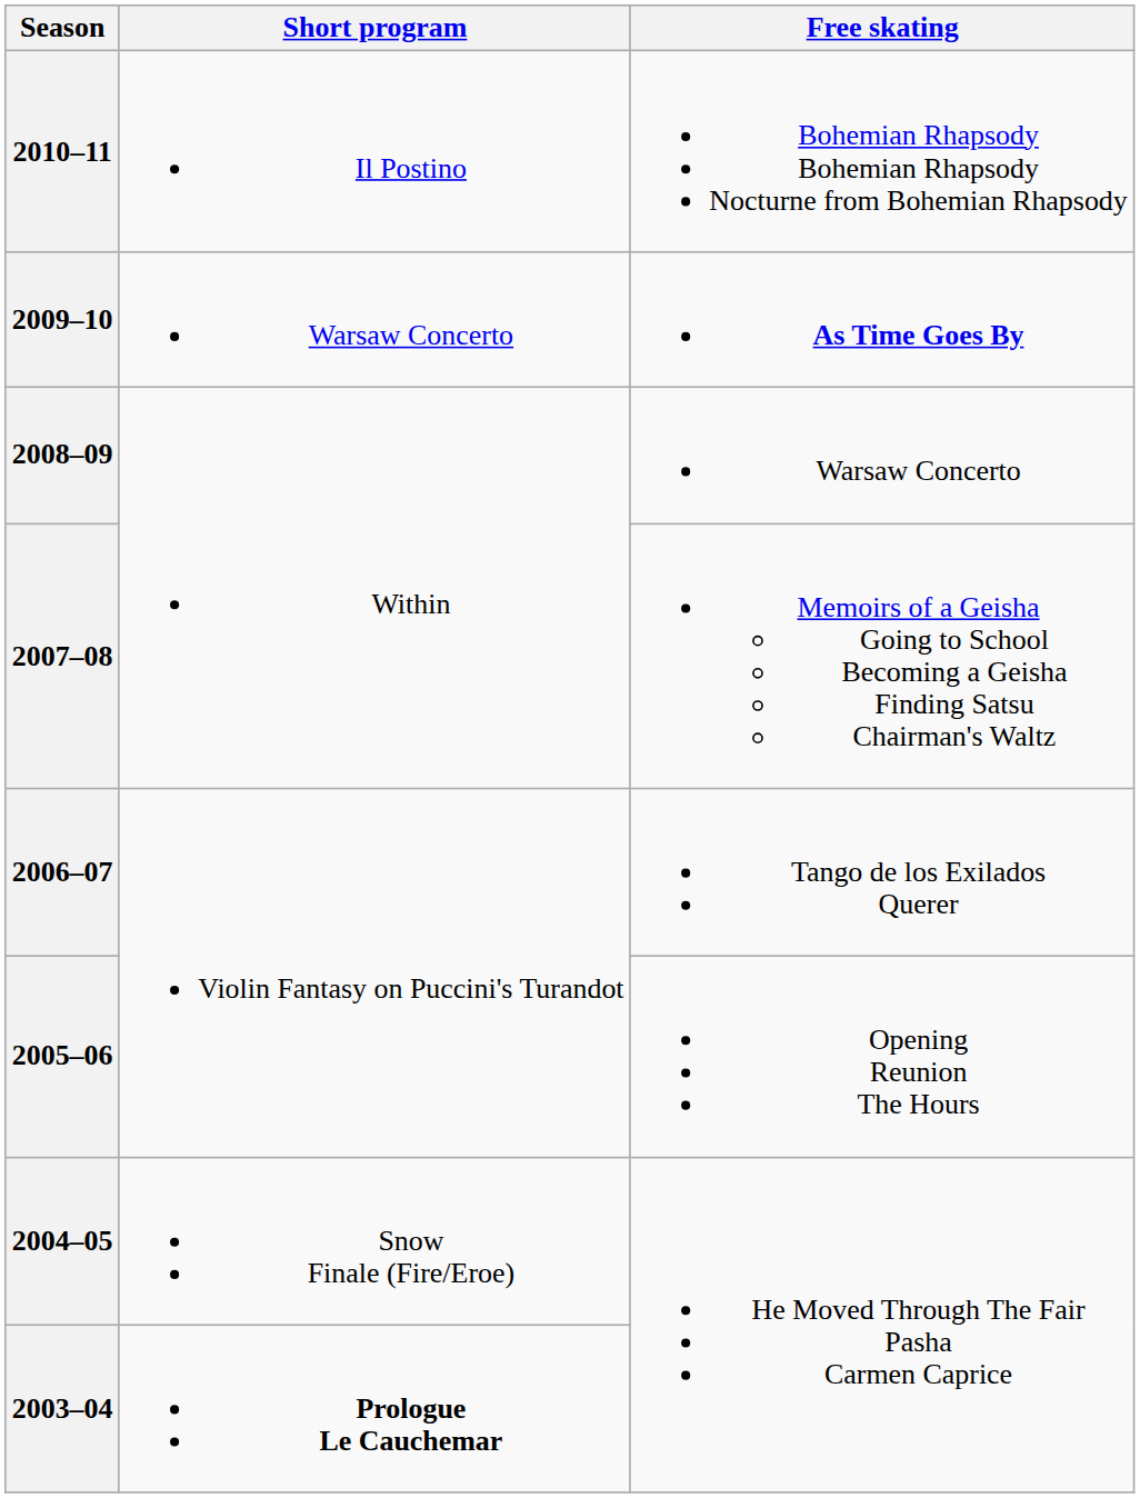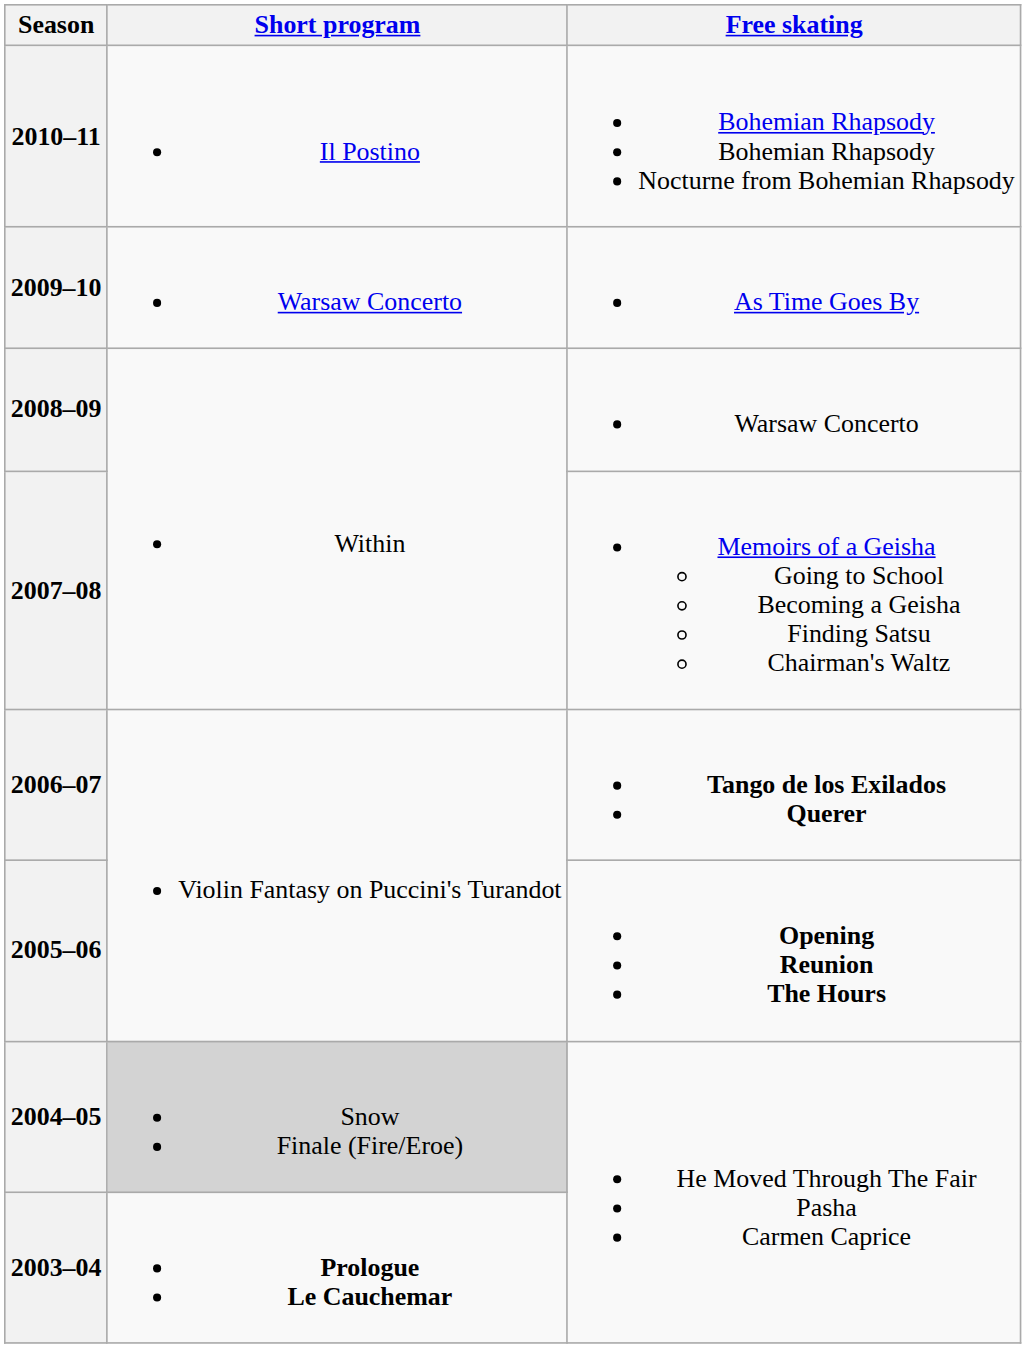 <table class="wikitable" style="text-align:center">
 <tr>
 <th>Season</th>
 <th><a href='#'>Short program</a></th>
 <th><a href='#'>Free skating</a></th>
 </tr>
 <tr>
 <th>2010–11 <br></th>
 <td><br><ul><li><a href='#'>Il Postino</a> <br></li></ul></td>
 <td><br><ul><li><a href='#'>Bohemian Rhapsody</a> <br></li><li>Bohemian Rhapsody <br></li><li>Nocturne from Bohemian Rhapsody</li></ul></td>
 </tr>
 <tr>
 <th>2009–10 <br></th>
 <td><br><ul><li><a href='#'>Warsaw Concerto</a> <br></li></ul></td>
-<td><strong><br><ul><li><a href='#'>As Time Goes By</a> <br></li></ul></strong></td>
+<td><br><ul><li><a href='#'>As Time Goes By</a> <br></li></ul></td>
 </tr>
 <tr>
 <th>2008–09 <br></th>
 <td rowspan=2><br><ul><li>Within <br></li></ul></td>
 <td><br><ul><li>Warsaw Concerto <br></li></ul></td>
 </tr>
 <tr>
 <th>2007–08 <br></th>
 <td><br><ul><li><a href='#'>Memoirs of a Geisha</a> <br><ul><li>Going to School</li><li>Becoming a Geisha</li><li>Finding Satsu</li><li>Chairman's Waltz</li></ul></li></ul></td>
 </tr>
 <tr>
 <th>2006–07 <br></th>
 <td rowspan=2><br><ul><li>Violin Fantasy on Puccini's Turandot <br></li></ul></td>
-<td><br><ul><li>Tango de los Exilados <br></li><li>Querer <br></li></ul></td>
+<td><strong><br><ul><li>Tango de los Exilados <br></li><li>Querer <br></li></ul></strong></td>
 </tr>
 <tr>
 <th>2005–06 <br></th>
-<td><br><ul><li>Opening <br></li><li>Reunion <br></li><li>The Hours <br></li></ul></td>
+<td><strong><br><ul><li>Opening <br></li><li>Reunion <br></li><li>The Hours <br></li></ul></strong></td>
 </tr>
 <tr>
 <th>2004–05 <br></th>
-<td><br><ul><li>Snow <br></li><li>Finale (Fire/Eroe) <br></li></ul></td>
+<td style="background: lightgrey;"><br><ul><li>Snow <br></li><li>Finale (Fire/Eroe) <br></li></ul></td>
 <td rowspan=2><br><ul><li>He Moved Through The Fair <br></li><li>Pasha <br></li><li>Carmen Caprice <br></li></ul></td>
 </tr>
 <tr>
 <th>2003–04 <br></th>
 <td><strong><br><ul><li>Prologue <br></li><li>Le Cauchemar <br></li></ul></strong></td>
 </tr>
 </table>
